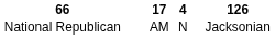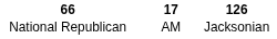 <table style="width:60%; text-align:center">
 <tr>
 <td style="background:"><strong>66</strong></td>
 <td style="background:"><strong>17</strong></td>
-<td style="background:"><strong>4</strong></td>
 <td style="background:"><strong>126</strong></td>
 </tr>
 <tr>
 <td>National Republican</td>
 <td>AM</td>
-<td>N</td>
 <td>Jacksonian</td>
 </tr>
 </table>
